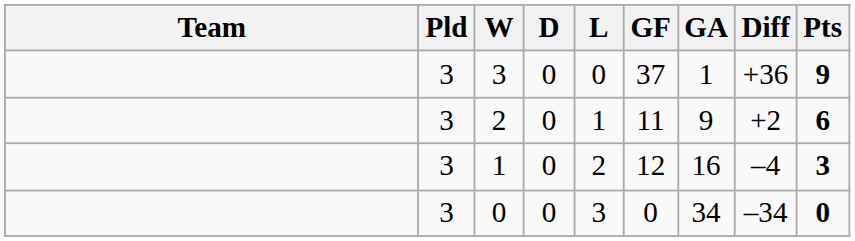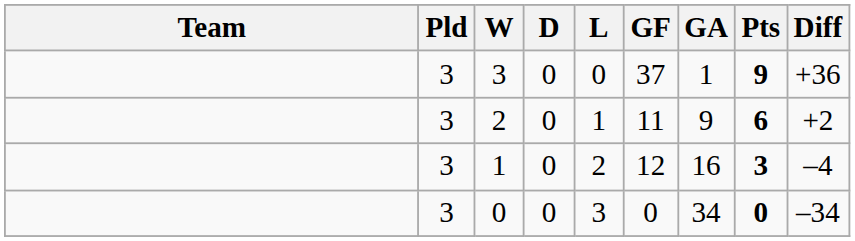 <table class="wikitable" style="text-align: center;">
 <tr>
 <th width=220>Team</th>
 <th width=20>Pld</th>
 <th width=20>W</th>
 <th width=20>D</th>
 <th width=20>L</th>
 <th width=20>GF</th>
 <th width=20>GA</th>
+<th width=20>Pts</th>
 <th width=20>Diff</th>
-<th width=20>Pts</th>
 </tr>
 <tr>
 <td align="left"></td>
 <td>3</td>
 <td>3</td>
 <td>0</td>
 <td>0</td>
 <td>37</td>
 <td>1</td>
+<td><strong>9</strong></td>
 <td>+36</td>
-<td><strong>9</strong></td>
 </tr>
 <tr>
 <td align="left"></td>
 <td>3</td>
 <td>2</td>
 <td>0</td>
 <td>1</td>
 <td>11</td>
 <td>9</td>
+<td><strong>6</strong></td>
 <td>+2</td>
-<td><strong>6</strong></td>
 </tr>
 <tr>
 <td align="left"></td>
 <td>3</td>
 <td>1</td>
 <td>0</td>
 <td>2</td>
 <td>12</td>
 <td>16</td>
+<td><strong>3</strong></td>
 <td>–4</td>
-<td><strong>3</strong></td>
 </tr>
 <tr>
 <td align="left"></td>
 <td>3</td>
 <td>0</td>
 <td>0</td>
 <td>3</td>
 <td>0</td>
 <td>34</td>
+<td><strong>0</strong></td>
 <td>–34</td>
-<td><strong>0</strong></td>
 </tr>
 </table>
